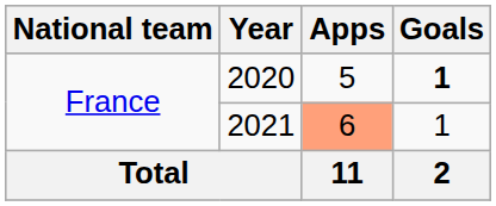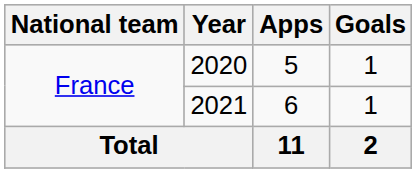 <table class="wikitable" style="text-align:center">
 <tr>
 <th>National team</th>
 <th>Year</th>
 <th>Apps</th>
 <th>Goals</th>
 </tr>
 <tr>
 <td rowspan=2><a href='#'>France</a></td>
 <td>2020</td>
 <td>5</td>
-<td><strong>1</strong></td>
+<td>1</td>
 </tr>
 <tr>
 <td>2021</td>
-<td style="background: lightsalmon;">6</td>
+<td>6</td>
 <td>1</td>
 </tr>
 <tr>
 <th colspan=2>Total</th>
 <th>11</th>
 <th>2</th>
 </tr>
 </table>
